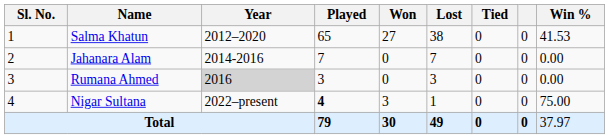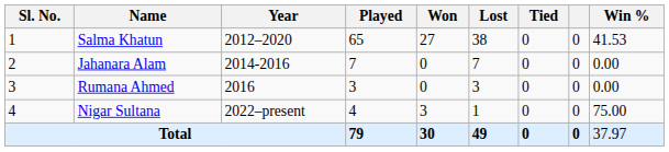 <table class="wikitable sortable" style="width:80%;">
 <tr>
 <th>Sl. No.</th>
 <th>Name</th>
 <th>Year</th>
 <th>Played</th>
 <th>Won</th>
 <th>Lost</th>
 <th>Tied</th>
 <th></th>
 <th>Win %</th>
 </tr>
 <tr>
 <td>1</td>
 <td><a href='#'>Salma Khatun</a></td>
 <td>2012–2020</td>
 <td>65</td>
 <td>27</td>
 <td>38</td>
 <td>0</td>
 <td>0</td>
 <td>41.53</td>
 </tr>
 <tr>
 <td>2</td>
 <td><a href='#'>Jahanara Alam</a></td>
 <td>2014-2016</td>
 <td>7</td>
 <td>0</td>
 <td>7</td>
 <td>0</td>
 <td>0</td>
 <td>0.00</td>
 </tr>
 <tr>
 <td>3</td>
 <td><a href='#'>Rumana Ahmed</a></td>
-<td style="background: lightgrey;">2016</td>
+<td>2016</td>
 <td>3</td>
 <td>0</td>
 <td>3</td>
 <td>0</td>
 <td>0</td>
 <td>0.00</td>
 </tr>
 <tr>
 <td>4</td>
 <td><a href='#'>Nigar Sultana</a></td>
 <td>2022–present</td>
-<td><strong>4</strong></td>
+<td>4</td>
 <td>3</td>
 <td>1</td>
 <td>0</td>
 <td>0</td>
 <td>75.00</td>
 </tr>
 <tr style="background:#def;">
 <td colspan=3 align=center><strong>Total</strong></td>
 <td><strong>79</strong></td>
 <td><strong>30</strong></td>
 <td><strong>49</strong></td>
 <td><strong>0</strong></td>
 <td><strong>0</strong></td>
 <td>37.97</td>
 </tr>
 </table>
